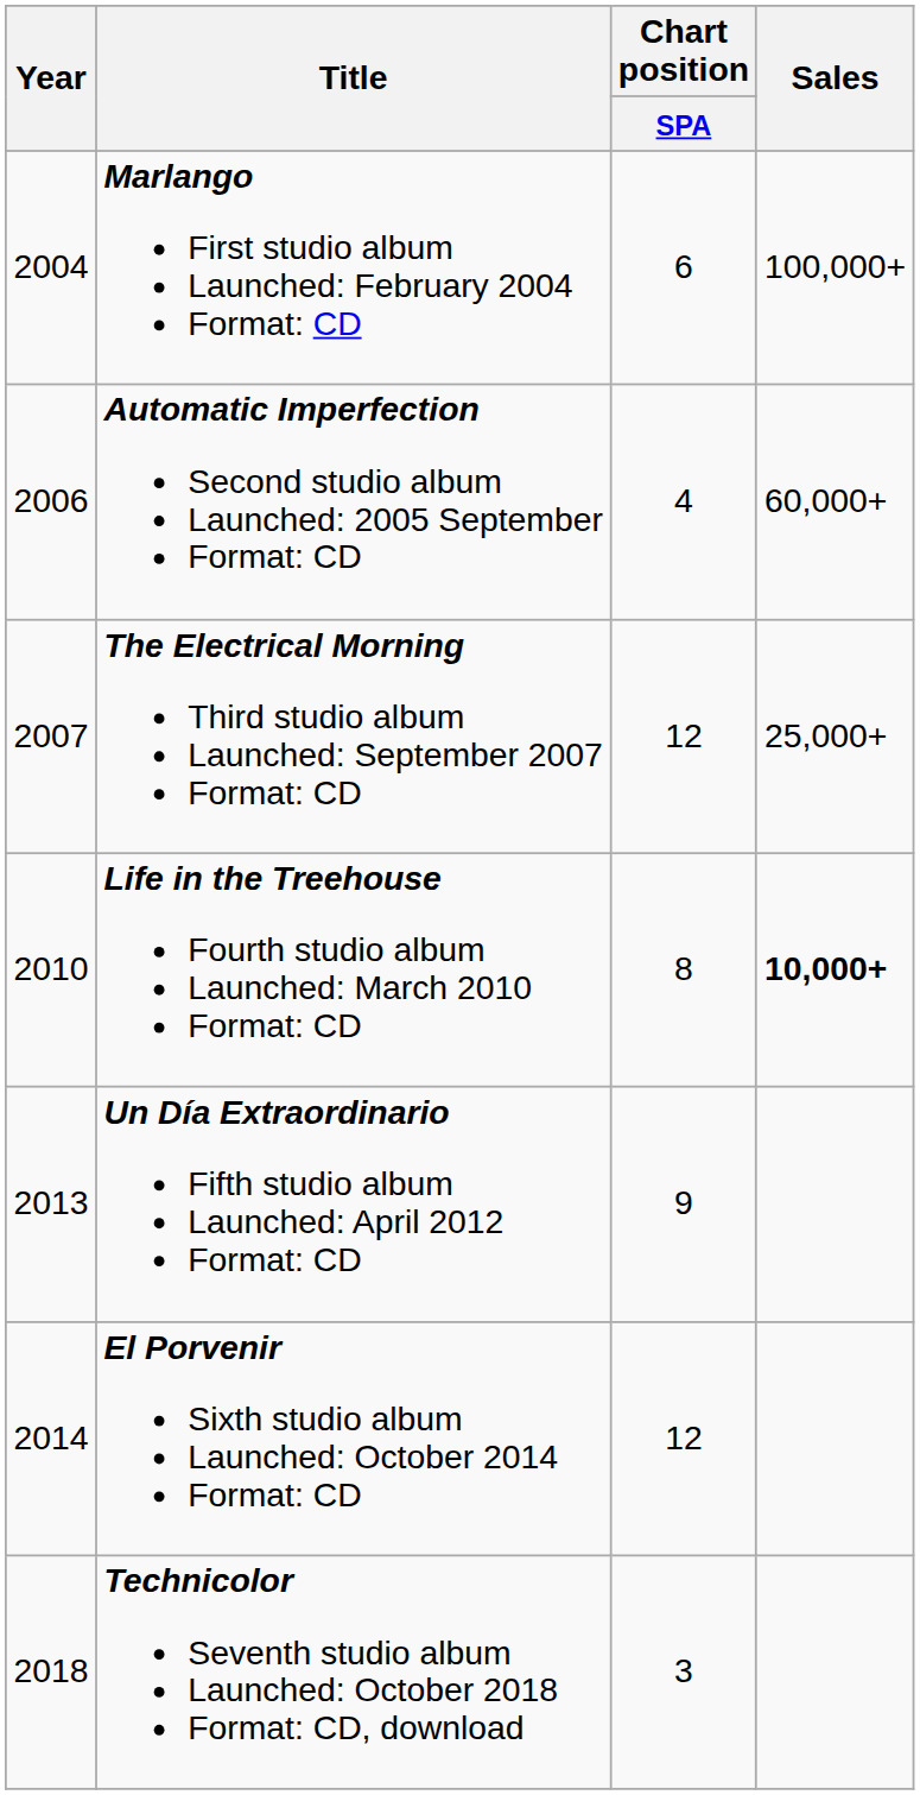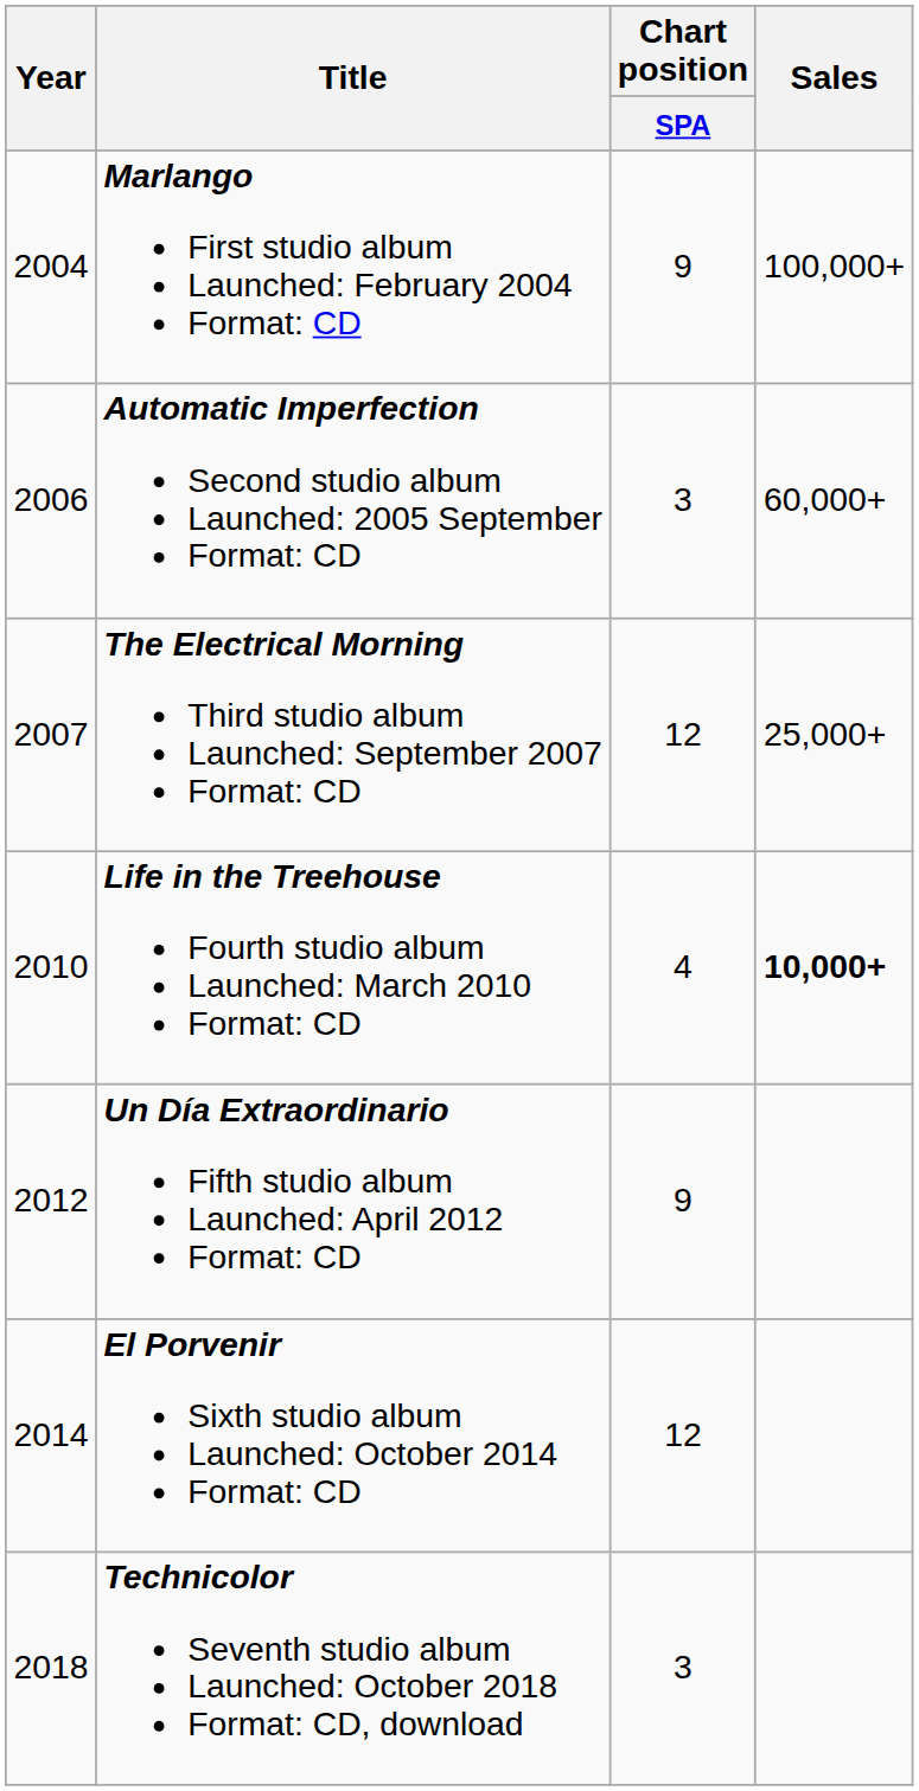 <table class="wikitable">
 <tr>
 <th rowspan="2">Year</th>
 <th rowspan="2">Title</th>
 <th>Chart<br>position</th>
 <th rowspan="2">Sales</th>
 </tr>
 <tr>
 <th width="30"><small><a href='#'>SPA</a></small></th>
 </tr>
 <tr>
 <td>2004</td>
 <td><strong><em>Marlango</em></strong><br><ul><li>First studio album</li><li>Launched: February 2004</li><li>Format: <a href='#'>CD</a></li></ul></td>
-<td align="center">6</td>
+<td align="center">9</td>
 <td>100,000+</td>
 </tr>
 <tr>
 <td>2006</td>
 <td><strong><em>Automatic Imperfection</em></strong><br><ul><li>Second studio album</li><li>Launched: 2005 September</li><li>Format: CD</li></ul></td>
-<td align="center">4</td>
+<td align="center">3</td>
 <td>60,000+</td>
 </tr>
 <tr>
 <td>2007</td>
 <td><strong><em>The Electrical Morning</em></strong><br><ul><li>Third studio album</li><li>Launched: September 2007</li><li>Format: CD</li></ul></td>
 <td align="center">12</td>
 <td>25,000+</td>
 </tr>
 <tr>
 <td>2010</td>
 <td><strong><em>Life in the Treehouse</em></strong><br><ul><li>Fourth studio album</li><li>Launched: March 2010</li><li>Format: CD</li></ul></td>
-<td align="center">8</td>
+<td align="center">4</td>
 <td><strong>10,000+</strong></td>
 </tr>
 <tr>
-<td>2013</td>
+<td>2012</td>
 <td><strong><em>Un Día Extraordinario</em></strong><br><ul><li>Fifth studio album</li><li>Launched: April 2012</li><li>Format: CD</li></ul></td>
 <td align="center">9</td>
 <td></td>
 </tr>
 <tr>
 <td>2014</td>
 <td><strong><em>El Porvenir</em></strong><br><ul><li>Sixth studio album</li><li>Launched: October 2014</li><li>Format: CD</li></ul></td>
 <td align="center">12</td>
 <td></td>
 </tr>
 <tr>
 <td>2018</td>
 <td><strong><em>Technicolor</em></strong><br><ul><li>Seventh studio album</li><li>Launched: October 2018</li><li>Format: CD, download</li></ul></td>
 <td align="center">3<br></td>
 <td></td>
 </tr>
 </table>
